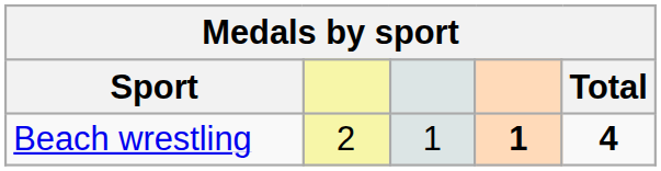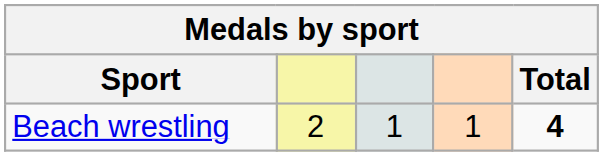 <table class="wikitable" style="font-size:90%; text-align:center;">
 <tr>
 <th colspan="5">Medals by sport</th>
 </tr>
 <tr>
 <th width="120">Sport</th>
 <th scope="col" width="30" style="background:#F7F6A8;"></th>
 <th scope="col" width="30" style="background:#DCE5E5;"></th>
 <th scope="col" width="30" style="background:#FFDAB9;"></th>
 <th width="30">Total</th>
 </tr>
 <tr>
 <td align="left"><a href='#'>Beach wrestling</a></td>
 <td style="background:#F7F6A8;">2</td>
 <td style="background:#DCE5E5;">1</td>
-<td style="background:#FFDAB9;"><strong>1</strong></td>
+<td style="background:#FFDAB9;">1</td>
 <td><strong>4</strong></td>
 </tr>
 </table>
